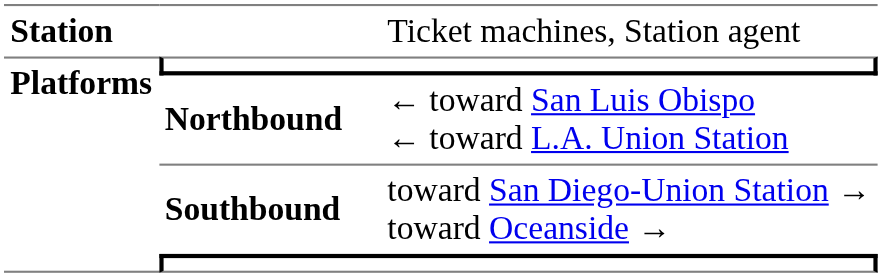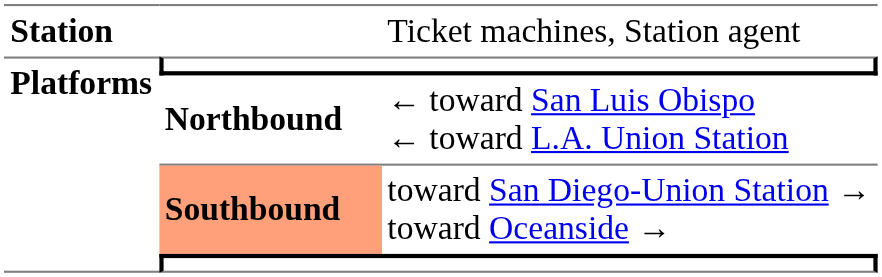 <table border=0 cellspacing=0 cellpadding=3>
 <tr>
 <td style="border-top:solid 1px gray" width=50 valign=top><strong>Station</strong></td>
 <td style="border-top:solid 1px gray" width=100></td>
 <td style="border-top:solid 1px gray">Ticket machines, Station agent</td>
 </tr>
 <tr>
 <td style="border-top:solid 1px gray;border-bottom:solid 1px gray" width=50 rowspan=5 valign=top><strong>Platforms</strong></td>
 </tr>
 <tr>
 <td style="border-top:solid 1px gray;border-right:solid 2px black;border-left:solid 2px black;border-bottom:solid 2px black;text-align:center" colspan=2></td>
 </tr>
 <tr>
 <td style="border-bottom:solid 1px gray"><strong>Northbound</strong></td>
 <td style="border-bottom:solid 1px gray">←  toward <a href='#'>San Luis Obispo</a> <br>←  toward <a href='#'>L.A. Union Station</a> </td>
 </tr>
 <tr>
-<td><strong>Southbound</strong></td>
+<td style="background: lightsalmon;"><strong>Southbound</strong></td>
 <td>  toward <a href='#'>San Diego-Union Station</a>  →<br>  toward <a href='#'>Oceanside</a>  →</td>
 </tr>
 <tr>
 <td style="border-top:solid 2px black;border-right:solid 2px black;border-left:solid 2px black;border-bottom:solid 1px gray;text-align:center" colspan=2></td>
 </tr>
 </table>
